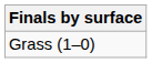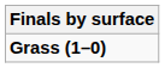 <table class=wikitable style=font-size:97%>
 <tr>
 <th>Finals by surface</th>
 </tr>
 <tr>
-<td>Grass (1–0)</td>
+<td><strong>Grass (1–0)</strong></td>
 </tr>
 </table>
